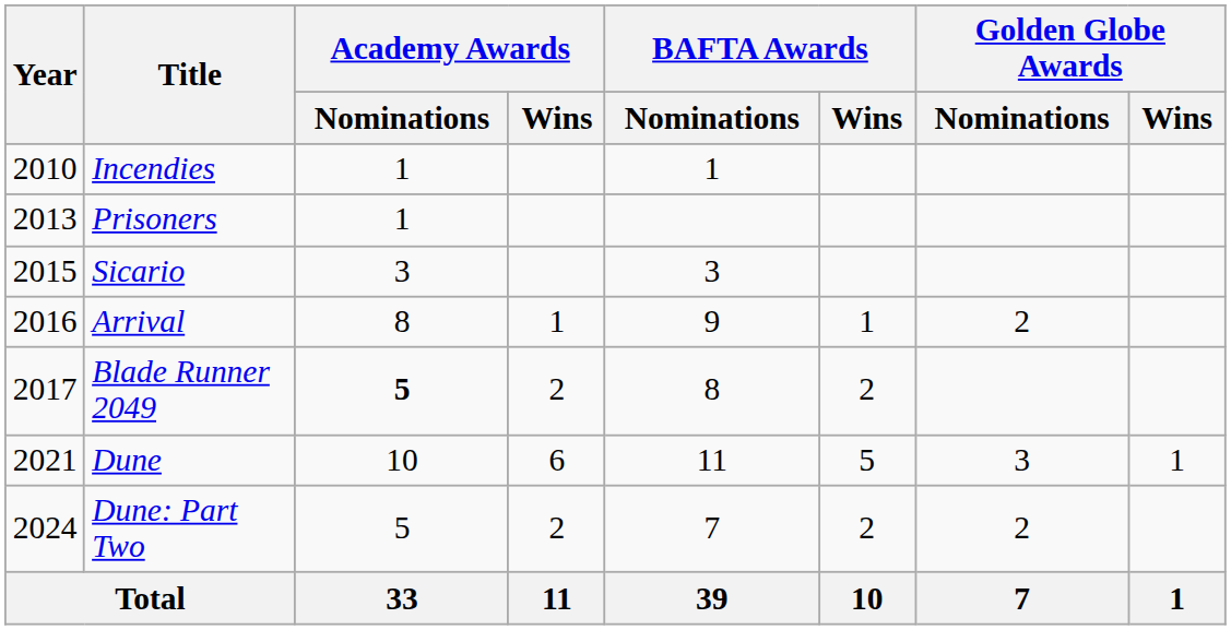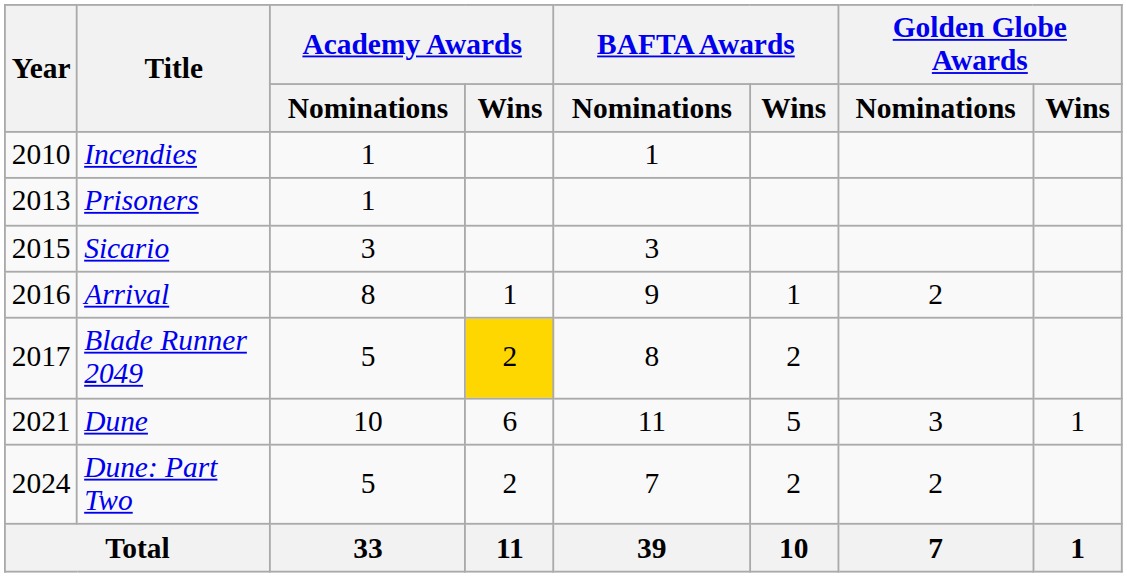 <table class="wikitable">
 <tr>
 <th rowspan="2">Year</th>
 <th rowspan="2">Title</th>
 <th colspan="2" style="text-align:center;" width=160><a href='#'>Academy Awards</a></th>
 <th colspan="2" style="text-align:center;" width=160><a href='#'>BAFTA Awards</a></th>
 <th colspan="2" style="text-align:center;" width=160><a href='#'>Golden Globe Awards</a></th>
 </tr>
 <tr>
 <th>Nominations</th>
 <th>Wins</th>
 <th>Nominations</th>
 <th>Wins</th>
 <th>Nominations</th>
 <th>Wins</th>
 </tr>
 <tr>
 <td>2010</td>
 <td><em><a href='#'>Incendies</a></em></td>
 <td align=center>1</td>
 <td></td>
 <td align=center>1</td>
 <td></td>
 <td></td>
 <td></td>
 </tr>
 <tr>
 <td>2013</td>
 <td><em><a href='#'>Prisoners</a></em></td>
 <td align=center>1</td>
 <td></td>
 <td></td>
 <td></td>
 <td></td>
 <td></td>
 </tr>
 <tr>
 <td>2015</td>
 <td><em><a href='#'>Sicario</a></em></td>
 <td align=center>3</td>
 <td></td>
 <td align=center>3</td>
 <td></td>
 <td></td>
 <td></td>
 </tr>
 <tr>
 <td>2016</td>
 <td><em><a href='#'>Arrival</a></em></td>
 <td align=center>8</td>
 <td align=center>1</td>
 <td align=center>9</td>
 <td align=center>1</td>
 <td align=center>2</td>
 <td></td>
 </tr>
 <tr>
 <td>2017</td>
 <td><em><a href='#'>Blade Runner 2049</a></em></td>
-<td align=center><strong>5</strong></td>
-<td align=center>2</td>
+<td align=center>5</td>
+<td align=center style="background: gold;">2</td>
 <td align=center>8</td>
 <td align=center>2</td>
 <td></td>
 <td></td>
 </tr>
 <tr>
 <td>2021</td>
 <td><em><a href='#'>Dune</a></em></td>
 <td align=center>10</td>
 <td align=center>6</td>
 <td align=center>11</td>
 <td align=center>5</td>
 <td align=center>3</td>
 <td align=center>1</td>
 </tr>
 <tr>
 <td>2024</td>
 <td><em><a href='#'>Dune: Part Two</a></em></td>
 <td align=center>5</td>
 <td align=center>2</td>
 <td align=center>7</td>
 <td align=center>2</td>
 <td align=center>2</td>
 <td></td>
 </tr>
 <tr>
 <th colspan="2"><strong>Total</strong></th>
 <th align=center>33</th>
 <th align=center>11</th>
 <th align=center>39</th>
 <th align=center>10</th>
 <th align=center>7</th>
 <th align=center>1</th>
 </tr>
 </table>
